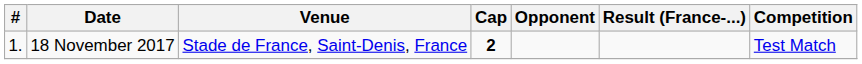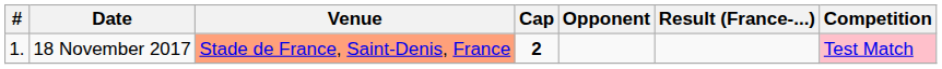 <table class="wikitable sortable">
 <tr>
 <th>#</th>
 <th>Date</th>
 <th>Venue</th>
 <th>Cap</th>
 <th>Opponent</th>
 <th>Result (France-...)</th>
 <th>Competition</th>
 </tr>
 <tr>
 <td>1.</td>
 <td>18 November 2017</td>
-<td><a href='#'>Stade de France</a>, <a href='#'>Saint-Denis</a>, <a href='#'>France</a></td>
+<td style="background: lightsalmon;"><a href='#'>Stade de France</a>, <a href='#'>Saint-Denis</a>, <a href='#'>France</a></td>
 <td align=center><strong>2</strong></td>
 <td></td>
 <td></td>
-<td><a href='#'>Test Match</a></td>
+<td style="background: pink;"><a href='#'>Test Match</a></td>
 </tr>
 <tr>
 </tr>
 </table>
